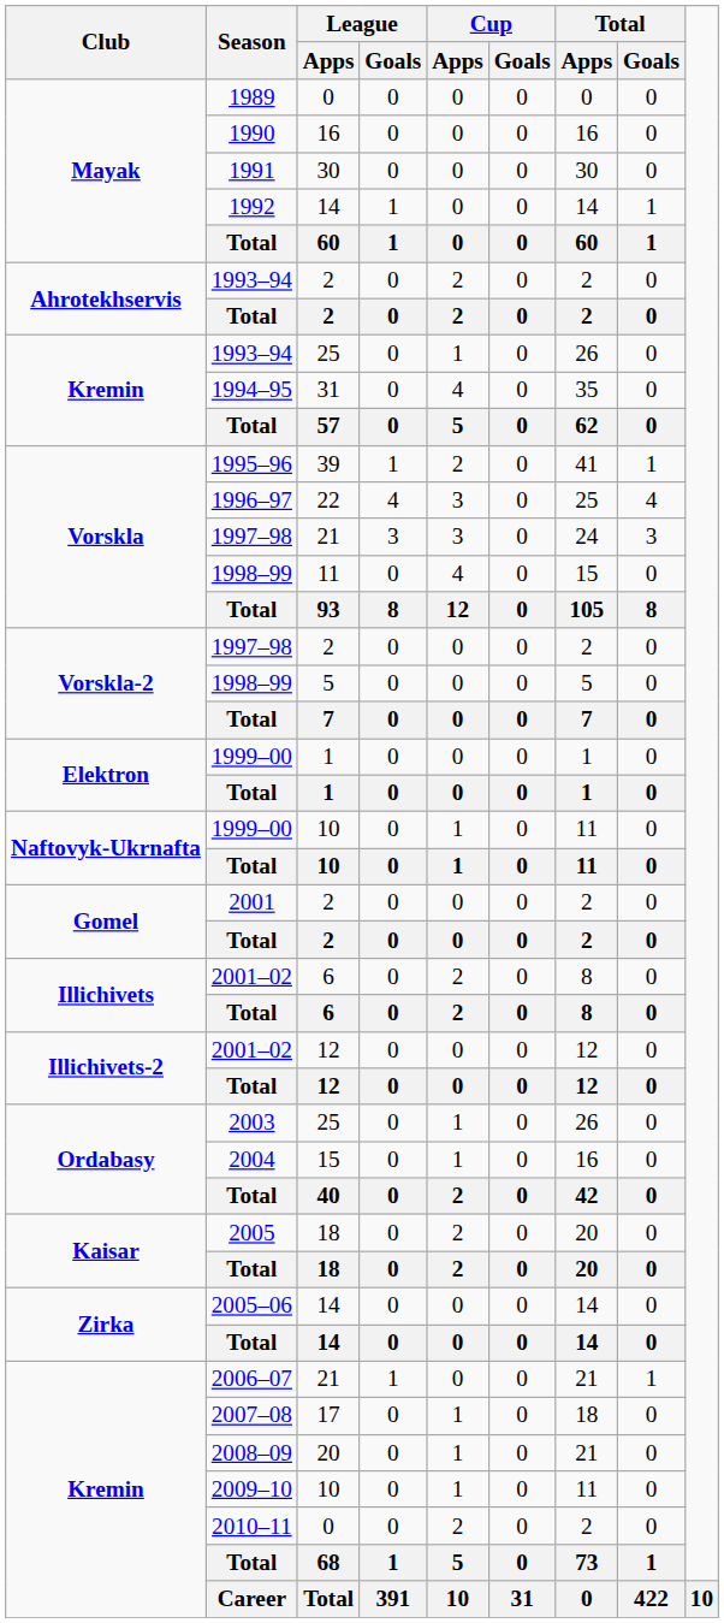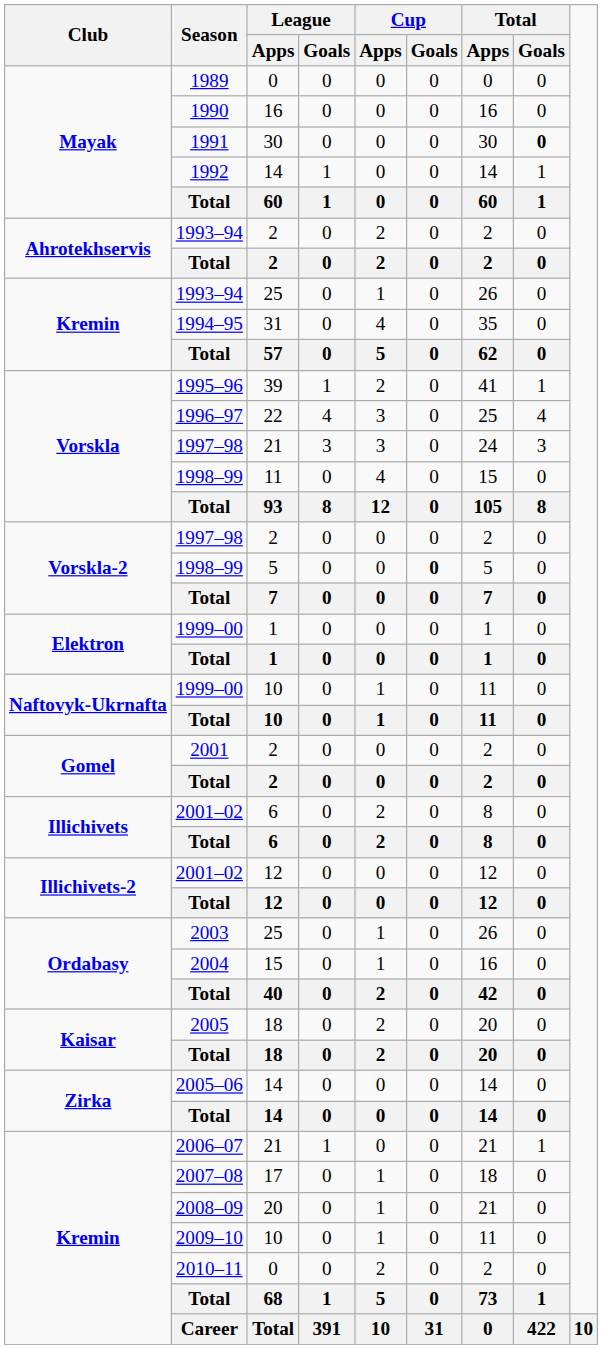 <table class="wikitable sortable" style="text-align: center;">
 <tr>
 <th rowspan="2">Club</th>
 <th rowspan="2">Season</th>
 <th colspan="2">League</th>
 <th colspan="2"><a href='#'>Cup</a></th>
 <th colspan="2">Total</th>
 </tr>
 <tr>
 <th>Apps</th>
 <th>Goals</th>
 <th>Apps</th>
 <th>Goals</th>
 <th>Apps</th>
 <th>Goals</th>
 </tr>
 <tr>
 <td rowspan="5"><strong><a href='#'>Mayak</a></strong></td>
 <td><a href='#'>1989</a></td>
 <td>0</td>
 <td>0</td>
 <td>0</td>
 <td>0</td>
 <td>0</td>
 <td>0</td>
 </tr>
 <tr>
 <td><a href='#'>1990</a></td>
 <td>16</td>
 <td>0</td>
 <td>0</td>
 <td>0</td>
 <td>16</td>
 <td>0</td>
 </tr>
 <tr>
 <td><a href='#'>1991</a></td>
 <td>30</td>
 <td>0</td>
 <td>0</td>
 <td>0</td>
 <td>30</td>
-<td>0</td>
+<td><strong>0</strong></td>
 </tr>
 <tr>
 <td><a href='#'>1992</a></td>
 <td>14</td>
 <td>1</td>
 <td>0</td>
 <td>0</td>
 <td>14</td>
 <td>1</td>
 </tr>
 <tr>
 <th>Total</th>
 <th>60</th>
 <th>1</th>
 <th>0</th>
 <th>0</th>
 <th>60</th>
 <th>1</th>
 </tr>
 <tr>
 <td rowspan="2"><strong><a href='#'>Ahrotekhservis</a></strong></td>
 <td><a href='#'>1993–94</a></td>
 <td>2</td>
 <td>0</td>
 <td>2</td>
 <td>0</td>
 <td>2</td>
 <td>0</td>
 </tr>
 <tr>
 <th>Total</th>
 <th>2</th>
 <th>0</th>
 <th>2</th>
 <th>0</th>
 <th>2</th>
 <th>0</th>
 </tr>
 <tr>
 <td rowspan="3"><strong><a href='#'>Kremin</a></strong></td>
 <td><a href='#'>1993–94</a></td>
 <td>25</td>
 <td>0</td>
 <td>1</td>
 <td>0</td>
 <td>26</td>
 <td>0</td>
 </tr>
 <tr>
 <td><a href='#'>1994–95</a></td>
 <td>31</td>
 <td>0</td>
 <td>4</td>
 <td>0</td>
 <td>35</td>
 <td>0</td>
 </tr>
 <tr>
 <th>Total</th>
 <th>57</th>
 <th>0</th>
 <th>5</th>
 <th>0</th>
 <th>62</th>
 <th>0</th>
 </tr>
 <tr>
 <td rowspan="5"><strong><a href='#'>Vorskla</a></strong></td>
 <td><a href='#'>1995–96</a></td>
 <td>39</td>
 <td>1</td>
 <td>2</td>
 <td>0</td>
 <td>41</td>
 <td>1</td>
 </tr>
 <tr>
 <td><a href='#'>1996–97</a></td>
 <td>22</td>
 <td>4</td>
 <td>3</td>
 <td>0</td>
 <td>25</td>
 <td>4</td>
 </tr>
 <tr>
 <td><a href='#'>1997–98</a></td>
 <td>21</td>
 <td>3</td>
 <td>3</td>
 <td>0</td>
 <td>24</td>
 <td>3</td>
 </tr>
 <tr>
 <td><a href='#'>1998–99</a></td>
 <td>11</td>
 <td>0</td>
 <td>4</td>
 <td>0</td>
 <td>15</td>
 <td>0</td>
 </tr>
 <tr>
 <th>Total</th>
 <th>93</th>
 <th>8</th>
 <th>12</th>
 <th>0</th>
 <th>105</th>
 <th>8</th>
 </tr>
 <tr>
 <td rowspan="3"><strong><a href='#'>Vorskla-2</a></strong></td>
 <td><a href='#'>1997–98</a></td>
 <td>2</td>
 <td>0</td>
 <td>0</td>
 <td>0</td>
 <td>2</td>
 <td>0</td>
 </tr>
 <tr>
 <td><a href='#'>1998–99</a></td>
 <td>5</td>
 <td>0</td>
 <td>0</td>
-<td>0</td>
+<td><strong>0</strong></td>
 <td>5</td>
 <td>0</td>
 </tr>
 <tr>
 <th>Total</th>
 <th>7</th>
 <th>0</th>
 <th>0</th>
 <th>0</th>
 <th>7</th>
 <th>0</th>
 </tr>
 <tr>
 <td rowspan="2"><strong><a href='#'>Elektron</a></strong></td>
 <td><a href='#'>1999–00</a></td>
 <td>1</td>
 <td>0</td>
 <td>0</td>
 <td>0</td>
 <td>1</td>
 <td>0</td>
 </tr>
 <tr>
 <th>Total</th>
 <th>1</th>
 <th>0</th>
 <th>0</th>
 <th>0</th>
 <th>1</th>
 <th>0</th>
 </tr>
 <tr>
 <td rowspan="2"><strong><a href='#'>Naftovyk-Ukrnafta</a></strong></td>
 <td><a href='#'>1999–00</a></td>
 <td>10</td>
 <td>0</td>
 <td>1</td>
 <td>0</td>
 <td>11</td>
 <td>0</td>
 </tr>
 <tr>
 <th>Total</th>
 <th>10</th>
 <th>0</th>
 <th>1</th>
 <th>0</th>
 <th>11</th>
 <th>0</th>
 </tr>
 <tr>
 <td rowspan="2"><strong><a href='#'>Gomel</a></strong></td>
 <td><a href='#'>2001</a></td>
 <td>2</td>
 <td>0</td>
 <td>0</td>
 <td>0</td>
 <td>2</td>
 <td>0</td>
 </tr>
 <tr>
 <th>Total</th>
 <th>2</th>
 <th>0</th>
 <th>0</th>
 <th>0</th>
 <th>2</th>
 <th>0</th>
 </tr>
 <tr>
 <td rowspan="2"><strong><a href='#'>Illichivets</a></strong></td>
 <td><a href='#'>2001–02</a></td>
 <td>6</td>
 <td>0</td>
 <td>2</td>
 <td>0</td>
 <td>8</td>
 <td>0</td>
 </tr>
 <tr>
 <th>Total</th>
 <th>6</th>
 <th>0</th>
 <th>2</th>
 <th>0</th>
 <th>8</th>
 <th>0</th>
 </tr>
 <tr>
 <td rowspan="2"><strong><a href='#'>Illichivets-2</a></strong></td>
 <td><a href='#'>2001–02</a></td>
 <td>12</td>
 <td>0</td>
 <td>0</td>
 <td>0</td>
 <td>12</td>
 <td>0</td>
 </tr>
 <tr>
 <th>Total</th>
 <th>12</th>
 <th>0</th>
 <th>0</th>
 <th>0</th>
 <th>12</th>
 <th>0</th>
 </tr>
 <tr>
 <td rowspan="3"><strong><a href='#'>Ordabasy</a></strong></td>
 <td><a href='#'>2003</a></td>
 <td>25</td>
 <td>0</td>
 <td>1</td>
 <td>0</td>
 <td>26</td>
 <td>0</td>
 </tr>
 <tr>
 <td><a href='#'>2004</a></td>
 <td>15</td>
 <td>0</td>
 <td>1</td>
 <td>0</td>
 <td>16</td>
 <td>0</td>
 </tr>
 <tr>
 <th>Total</th>
 <th>40</th>
 <th>0</th>
 <th>2</th>
 <th>0</th>
 <th>42</th>
 <th>0</th>
 </tr>
 <tr>
 <td rowspan="2"><strong><a href='#'>Kaisar</a></strong></td>
 <td><a href='#'>2005</a></td>
 <td>18</td>
 <td>0</td>
 <td>2</td>
 <td>0</td>
 <td>20</td>
 <td>0</td>
 </tr>
 <tr>
 <th>Total</th>
 <th>18</th>
 <th>0</th>
 <th>2</th>
 <th>0</th>
 <th>20</th>
 <th>0</th>
 </tr>
 <tr>
 <td rowspan="2"><strong><a href='#'>Zirka</a></strong></td>
 <td><a href='#'>2005–06</a></td>
 <td>14</td>
 <td>0</td>
 <td>0</td>
 <td>0</td>
 <td>14</td>
 <td>0</td>
 </tr>
 <tr>
 <th>Total</th>
 <th>14</th>
 <th>0</th>
 <th>0</th>
 <th>0</th>
 <th>14</th>
 <th>0</th>
 </tr>
 <tr>
 <td rowspan="7"><strong><a href='#'>Kremin</a></strong></td>
 <td><a href='#'>2006–07</a></td>
 <td>21</td>
 <td>1</td>
 <td>0</td>
 <td>0</td>
 <td>21</td>
 <td>1</td>
 </tr>
 <tr>
 <td><a href='#'>2007–08</a></td>
 <td>17</td>
 <td>0</td>
 <td>1</td>
 <td>0</td>
 <td>18</td>
 <td>0</td>
 </tr>
 <tr>
 <td><a href='#'>2008–09</a></td>
 <td>20</td>
 <td>0</td>
 <td>1</td>
 <td>0</td>
 <td>21</td>
 <td>0</td>
 </tr>
 <tr>
 <td><a href='#'>2009–10</a></td>
 <td>10</td>
 <td>0</td>
 <td>1</td>
 <td>0</td>
 <td>11</td>
 <td>0</td>
 </tr>
 <tr>
 <td><a href='#'>2010–11</a></td>
 <td>0</td>
 <td>0</td>
 <td>2</td>
 <td>0</td>
 <td>2</td>
 <td>0</td>
 </tr>
 <tr>
 <th>Total</th>
 <th>68</th>
 <th>1</th>
 <th>5</th>
 <th>0</th>
 <th>73</th>
 <th>1</th>
 </tr>
 <tr>
 <th>Career</th>
 <th>Total</th>
 <th>391</th>
 <th>10</th>
 <th>31</th>
 <th>0</th>
 <th>422</th>
 <th>10</th>
 </tr>
 <tr>
 </tr>
 </table>
